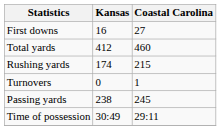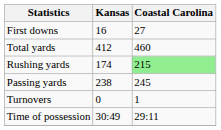 <table class="wikitable">
 <tr>
 <th>Statistics</th>
 <th>Kansas</th>
 <th>Coastal Carolina</th>
 </tr>
 <tr>
 <td>First downs</td>
 <td>16</td>
 <td>27</td>
 </tr>
 <tr>
 <td>Total yards</td>
 <td>412</td>
 <td>460</td>
 </tr>
 <tr>
 <td>Rushing yards</td>
 <td>174</td>
-<td>215</td>
+<td style="background: lightgreen;">215</td>
+</tr>
+<tr>
+<td>Passing yards</td>
+<td>238</td>
+<td>245</td>
 </tr>
 <tr>
 <td>Turnovers</td>
 <td>0</td>
 <td>1</td>
-</tr>
-<tr>
-<td>Passing yards</td>
-<td>238</td>
-<td>245</td>
 </tr>
 <tr>
 <td>Time of possession</td>
 <td>30:49</td>
 <td>29:11</td>
 </tr>
 <tr>
 </tr>
 </table>
